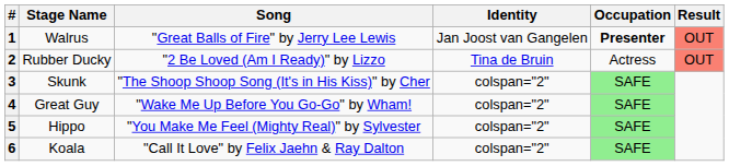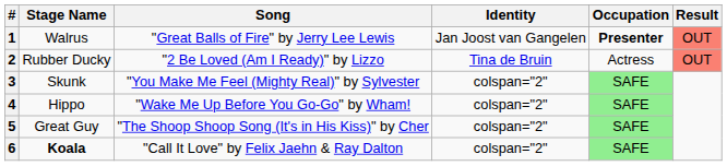 <table class="wikitable plainrowheaders" style="text-align: center;">
 <tr>
 <th><strong>#</strong></th>
 <th><strong>Stage Name</strong></th>
 <th><strong>Song</strong></th>
 <th>Identity</th>
 <th><strong>Occupation</strong></th>
 <th>Result</th>
 </tr>
 <tr>
 <th>1</th>
 <td>Walrus</td>
 <td>"<a href='#'>Great Balls of Fire</a>" by <a href='#'>Jerry Lee Lewis</a></td>
 <td>Jan Joost van Gangelen</td>
 <td><strong>Presenter</strong></td>
 <td bgcolor="salmon">OUT</td>
 </tr>
 <tr>
 <th>2</th>
 <td>Rubber Ducky</td>
 <td>"<a href='#'>2 Be Loved (Am I Ready)</a>" by <a href='#'>Lizzo</a></td>
 <td><a href='#'>Tina de Bruin</a></td>
 <td>Actress</td>
 <td bgcolor="salmon">OUT</td>
 </tr>
 <tr>
 <th>3</th>
 <td>Skunk</td>
-<td>"<a href='#'>The Shoop Shoop Song (It's in His Kiss)</a>" by <a href='#'>Cher</a></td>
+<td>"<a href='#'>You Make Me Feel (Mighty Real)</a>" by <a href='#'>Sylvester</a></td>
 <td>colspan="2" </td>
 <td bgcolor="lightgreen">SAFE</td>
 </tr>
 <tr>
 <th>4</th>
-<td>Great Guy</td>
+<td>Hippo</td>
 <td>"<a href='#'>Wake Me Up Before You Go-Go</a>" by <a href='#'>Wham!</a></td>
 <td>colspan="2" </td>
 <td bgcolor="lightgreen">SAFE</td>
 </tr>
 <tr>
 <th>5</th>
-<td>Hippo</td>
-<td>"<a href='#'>You Make Me Feel (Mighty Real)</a>" by <a href='#'>Sylvester</a></td>
+<td>Great Guy</td>
+<td>"<a href='#'>The Shoop Shoop Song (It's in His Kiss)</a>" by <a href='#'>Cher</a></td>
 <td>colspan="2" </td>
 <td bgcolor="lightgreen">SAFE</td>
 </tr>
 <tr>
 <th>6</th>
-<td>Koala</td>
+<td><strong>Koala</strong></td>
 <td>"Call It Love" by <a href='#'>Felix Jaehn</a> & <a href='#'>Ray Dalton</a></td>
 <td>colspan="2" </td>
 <td bgcolor="lightgreen">SAFE</td>
 </tr>
 </table>
